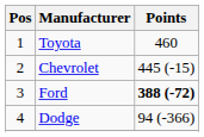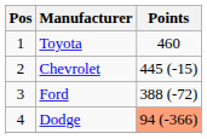 <table class="wikitable" style="font-size: 95%;">
 <tr>
 <th>Pos</th>
 <th>Manufacturer</th>
 <th>Points</th>
 </tr>
 <tr>
 <td style="text-align:center;">1</td>
 <td><a href='#'>Toyota</a></td>
 <td style="text-align:center;">460</td>
 </tr>
 <tr>
 <td style="text-align:center;">2</td>
 <td><a href='#'>Chevrolet</a></td>
 <td style="text-align:center;">445 (-15)</td>
 </tr>
 <tr>
 <td style="text-align:center;">3</td>
 <td><a href='#'>Ford</a></td>
-<td style="text-align:center;"><strong>388 (-72)</strong></td>
+<td style="text-align:center;">388 (-72)</td>
 </tr>
 <tr>
 <td style="text-align:center;">4</td>
 <td><a href='#'>Dodge</a></td>
-<td style="text-align:center;">94 (-366)</td>
+<td style="background: lightsalmon; text-align:center;">94 (-366)</td>
 </tr>
 <tr>
 </tr>
 <tr class="sortbottom">
 </tr>
 </table>
